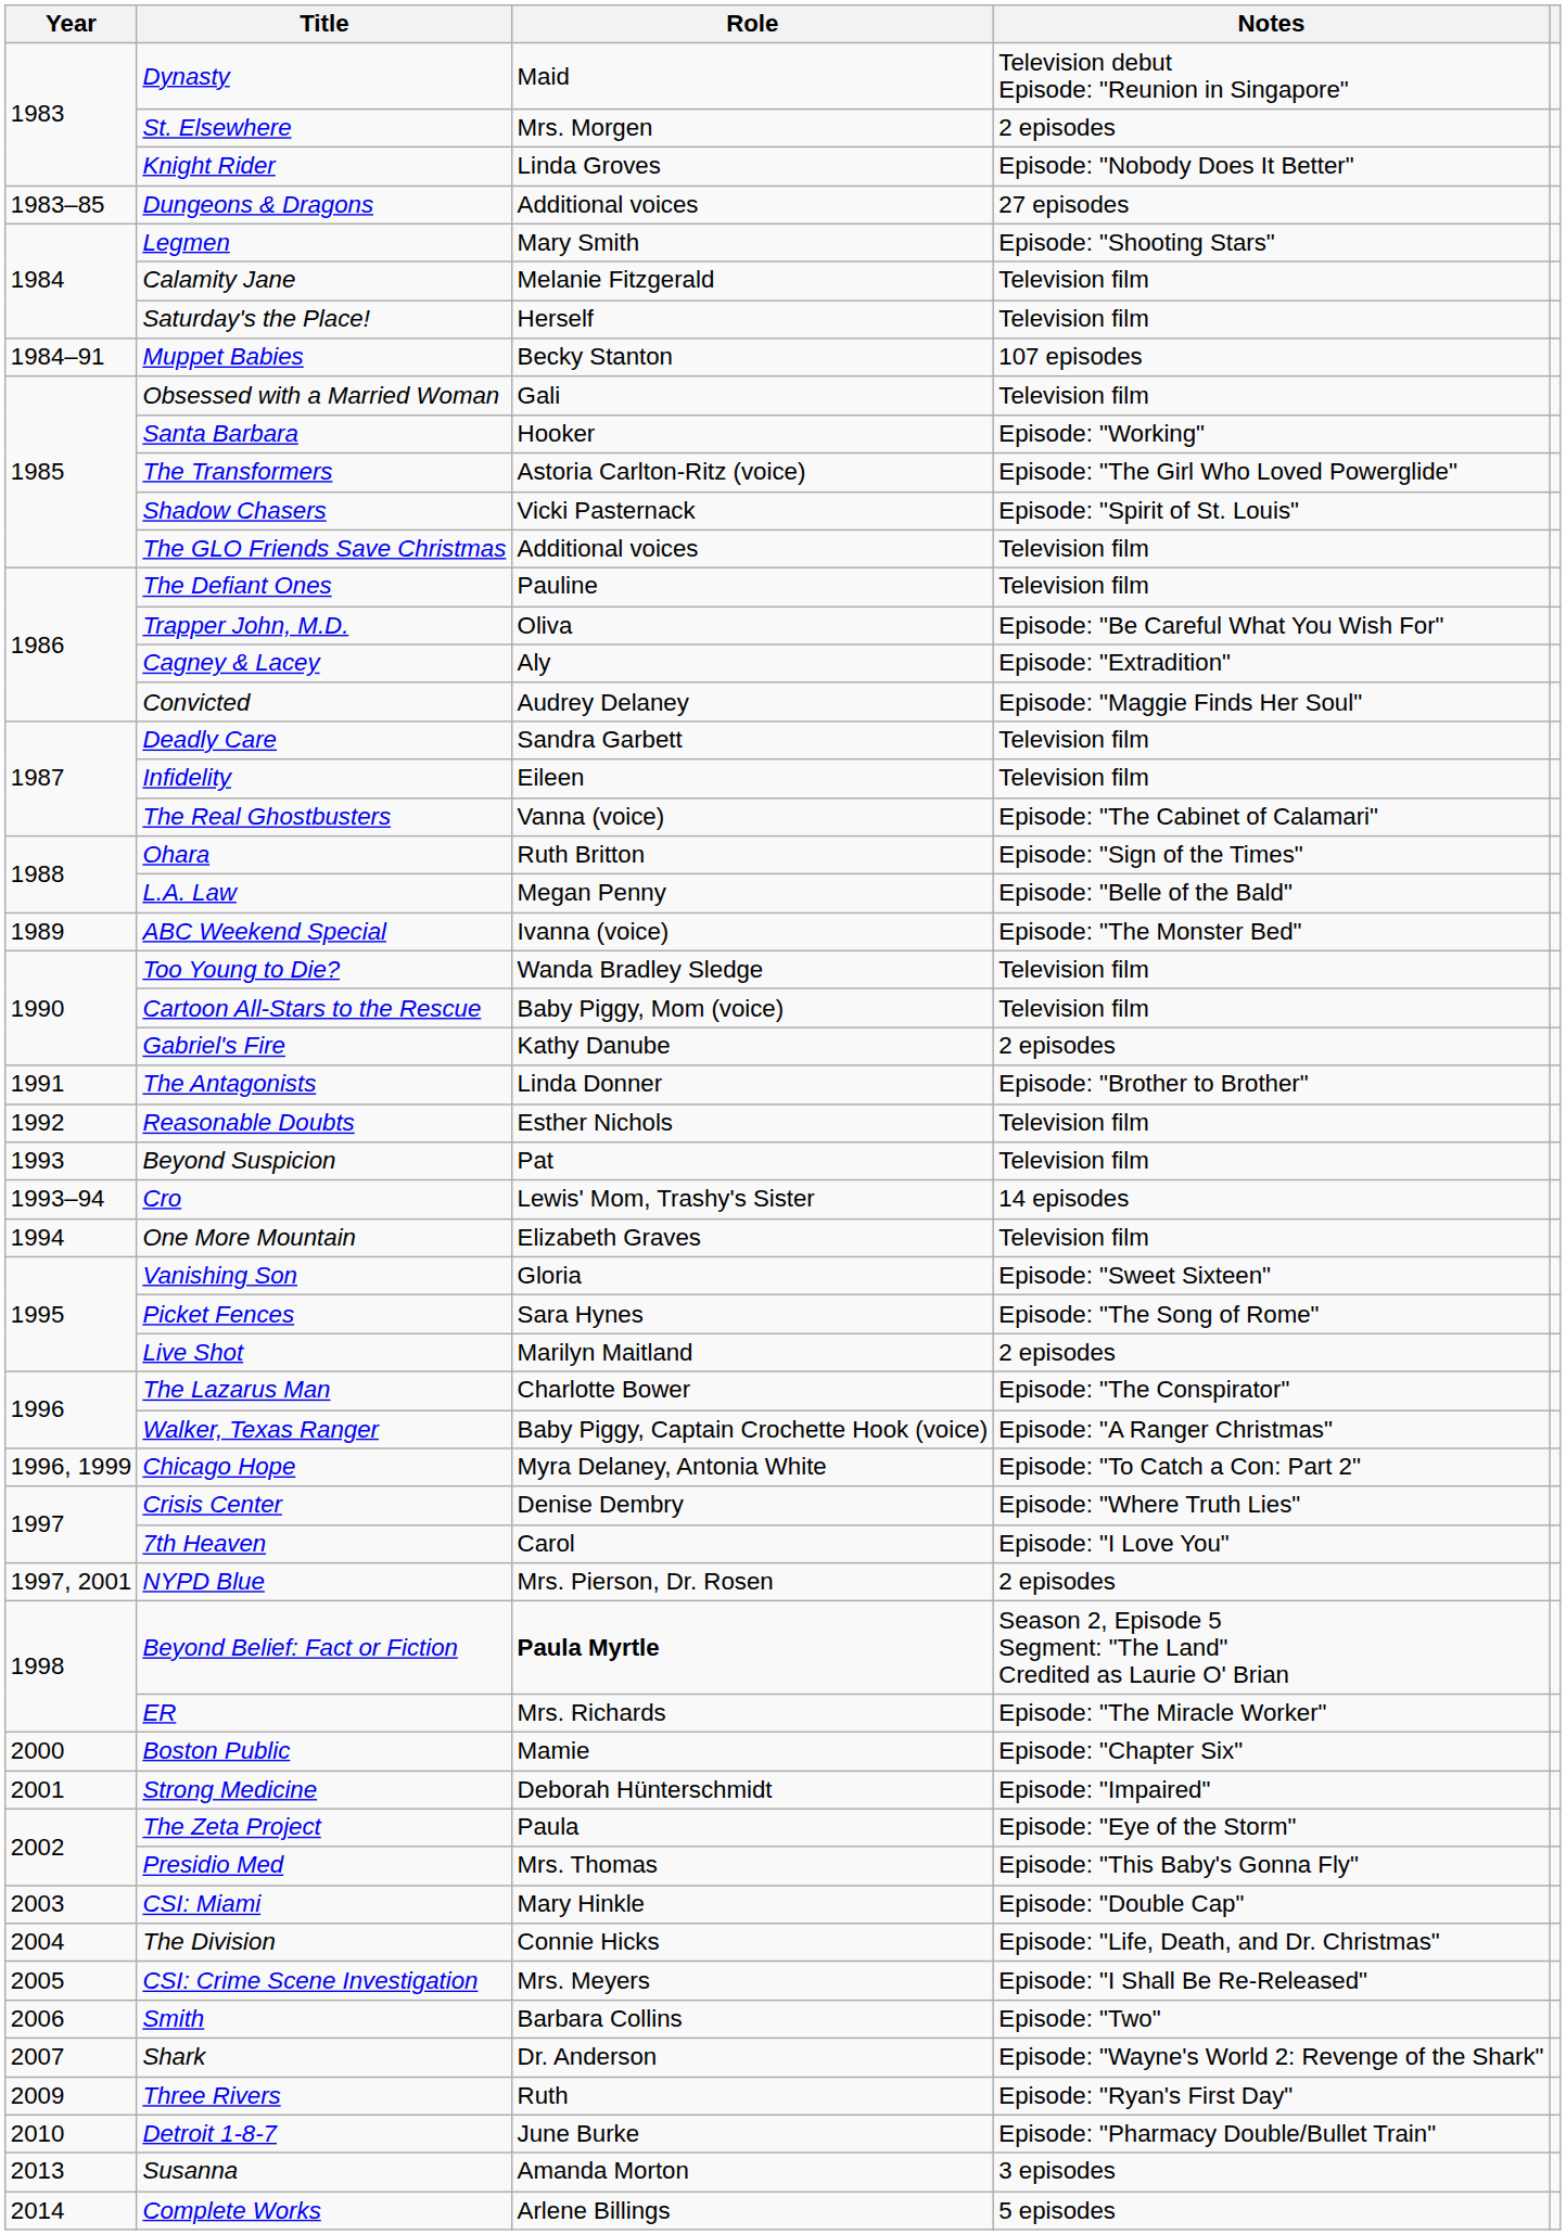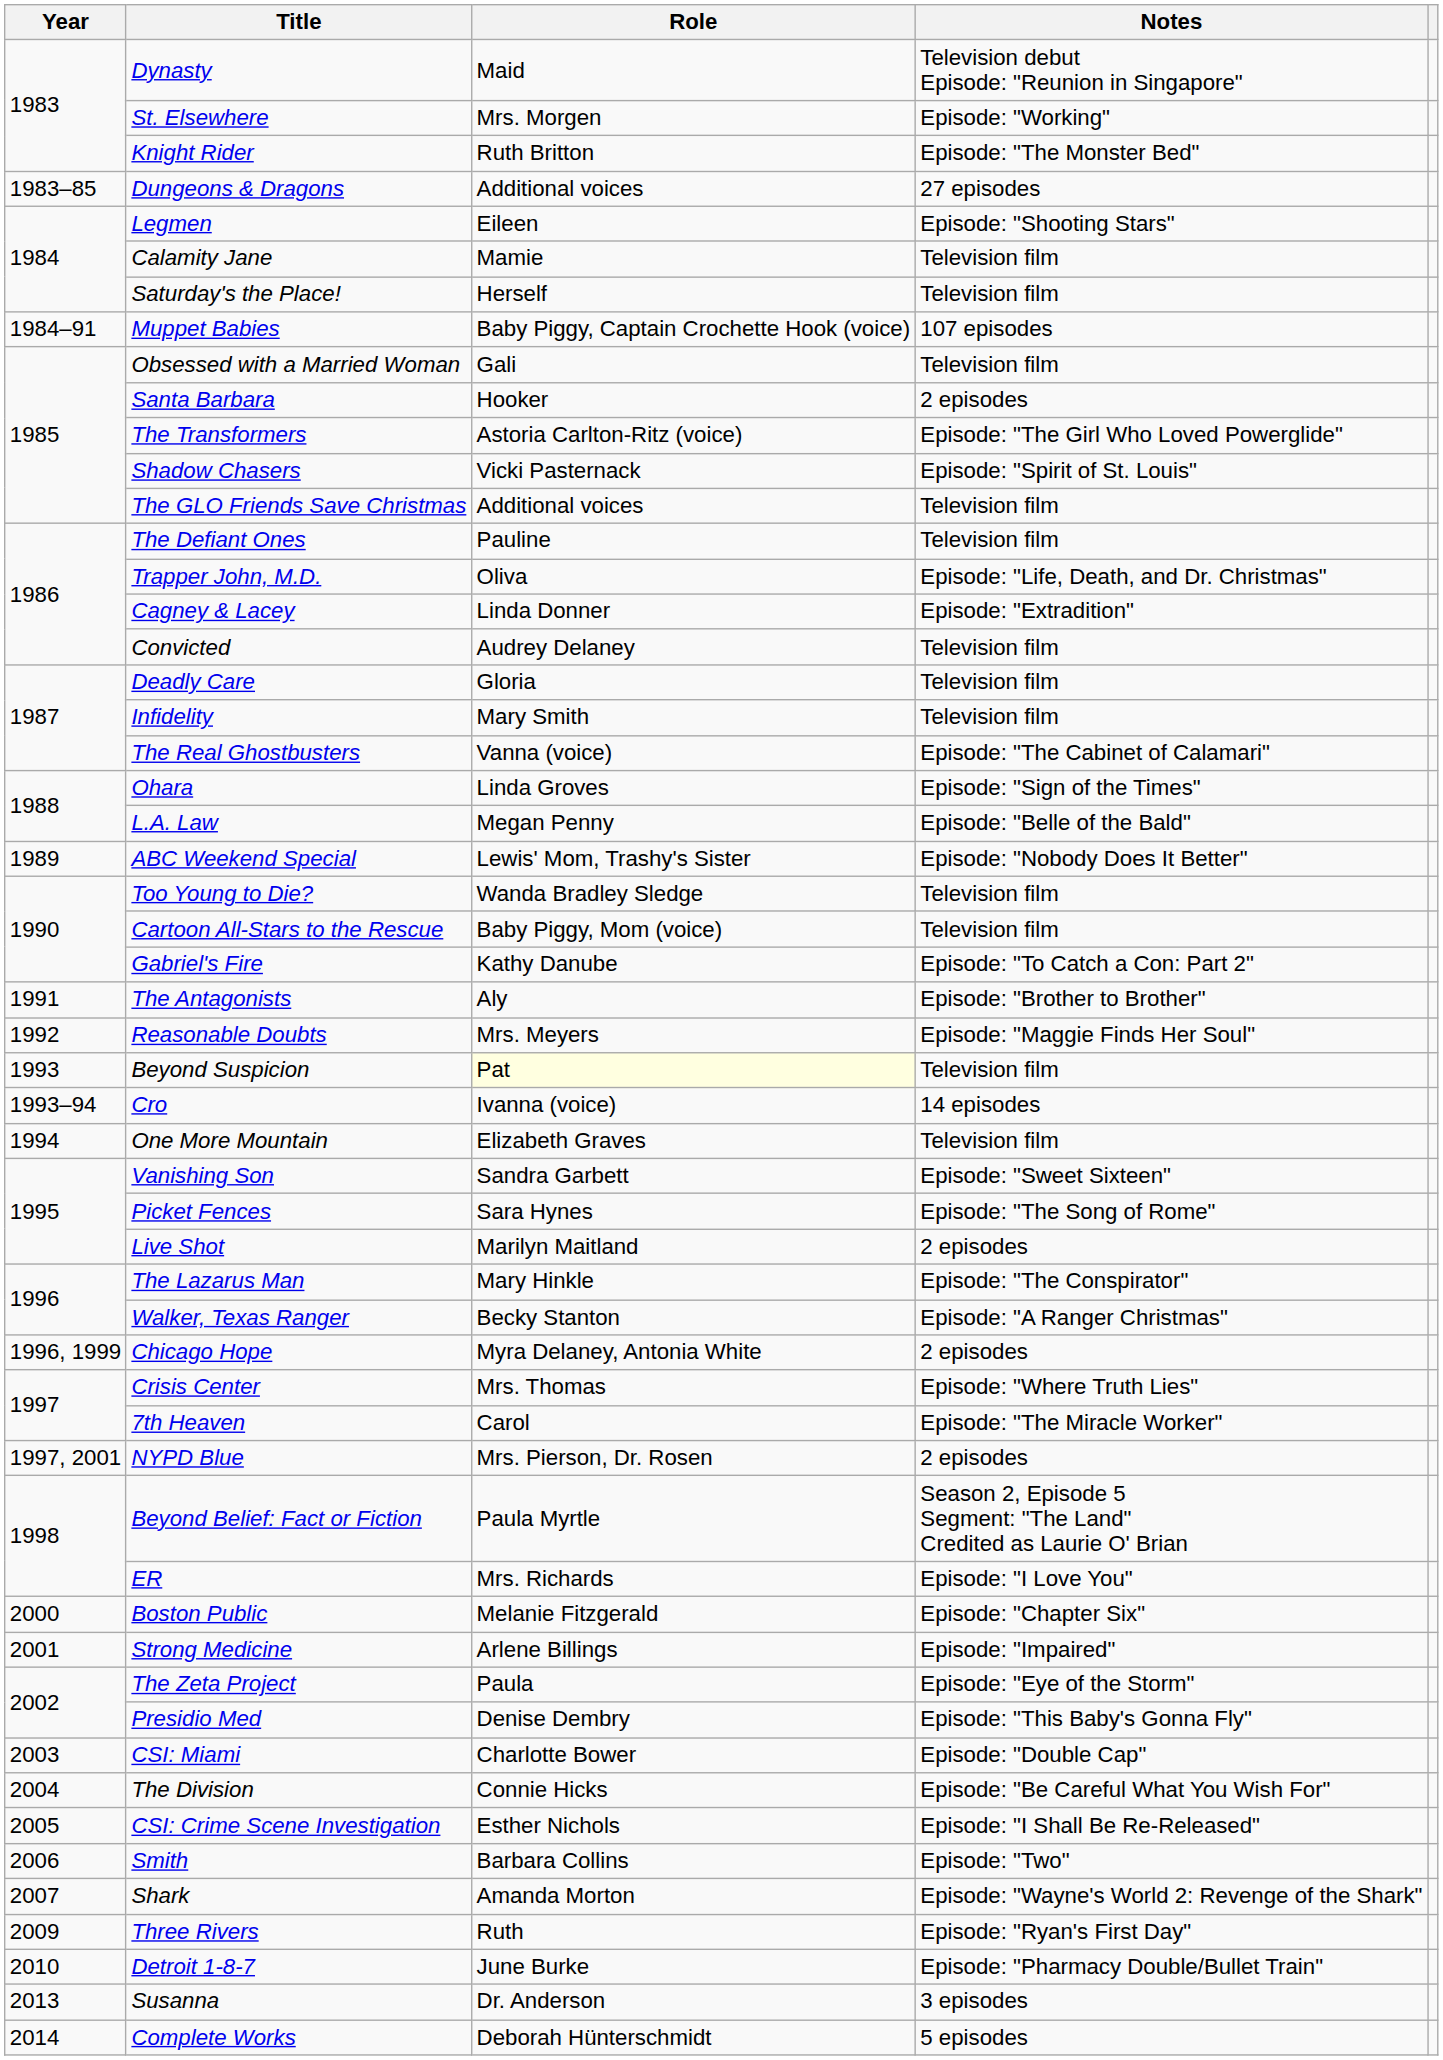 <table class="wikitable sortable">
 <tr>
 <th>Year</th>
 <th>Title</th>
 <th>Role</th>
 <th class="unsortable">Notes</th>
 <th></th>
 </tr>
 <tr>
 <td rowspan="3">1983</td>
 <td><em><a href='#'>Dynasty</a></em></td>
 <td>Maid</td>
 <td>Television debut<br>Episode: "Reunion in Singapore"</td>
 <td></td>
 </tr>
 <tr>
 <td><em><a href='#'>St. Elsewhere</a></em></td>
 <td>Mrs. Morgen</td>
-<td>2 episodes</td>
+<td>Episode: "Working"</td>
 <td></td>
 </tr>
 <tr>
 <td><a href='#'><em>Knight Rider</em></a></td>
-<td>Linda Groves</td>
-<td>Episode: "Nobody Does It Better"</td>
+<td>Ruth Britton</td>
+<td>Episode: "The Monster Bed"</td>
 <td></td>
 </tr>
 <tr>
 <td>1983–85</td>
 <td><a href='#'><em>Dungeons & Dragons</em></a></td>
 <td>Additional voices</td>
 <td>27 episodes</td>
 <td></td>
 </tr>
 <tr>
 <td rowspan="3">1984</td>
 <td><em><a href='#'>Legmen</a></em></td>
-<td>Mary Smith</td>
+<td>Eileen</td>
 <td>Episode: "Shooting Stars"</td>
 <td></td>
 </tr>
 <tr>
 <td><em>Calamity Jane</em></td>
-<td>Melanie Fitzgerald</td>
+<td>Mamie</td>
 <td>Television film</td>
 <td></td>
 </tr>
 <tr>
 <td><em>Saturday's the Place!</em></td>
 <td>Herself</td>
 <td>Television film</td>
 <td></td>
 </tr>
 <tr>
 <td>1984–91</td>
 <td><em><a href='#'>Muppet Babies</a></em></td>
-<td>Becky Stanton</td>
+<td>Baby Piggy, Captain Crochette Hook (voice)</td>
 <td>107 episodes</td>
 <td></td>
 </tr>
 <tr>
 <td rowspan="5">1985</td>
 <td><em>Obsessed with a Married Woman</em></td>
 <td>Gali</td>
 <td>Television film</td>
 <td></td>
 </tr>
 <tr>
 <td><em><a href='#'>Santa Barbara</a></em></td>
 <td>Hooker</td>
-<td>Episode: "Working"</td>
+<td>2 episodes</td>
 <td></td>
 </tr>
 <tr>
 <td><em><a href='#'>The Transformers</a></em></td>
 <td>Astoria Carlton-Ritz (voice)</td>
 <td>Episode: "The Girl Who Loved Powerglide"</td>
 <td></td>
 </tr>
 <tr>
 <td><em><a href='#'>Shadow Chasers</a></em></td>
 <td>Vicki Pasternack</td>
 <td>Episode: "Spirit of St. Louis"</td>
 <td></td>
 </tr>
 <tr>
 <td><em><a href='#'>The GLO Friends Save Christmas</a></em></td>
 <td>Additional voices</td>
 <td>Television film</td>
 <td></td>
 </tr>
 <tr>
 <td rowspan="4">1986</td>
 <td><em><a href='#'>The Defiant Ones</a></em></td>
 <td>Pauline</td>
 <td>Television film</td>
 <td></td>
 </tr>
 <tr>
 <td><em><a href='#'>Trapper John, M.D.</a></em></td>
 <td>Oliva</td>
-<td>Episode: "Be Careful What You Wish For"</td>
+<td>Episode: "Life, Death, and Dr. Christmas"</td>
 <td></td>
 </tr>
 <tr>
 <td><em><a href='#'>Cagney & Lacey</a></em></td>
-<td>Aly</td>
+<td>Linda Donner</td>
 <td>Episode: "Extradition"</td>
 <td></td>
 </tr>
 <tr>
 <td><em>Convicted</em></td>
 <td>Audrey Delaney</td>
-<td>Episode: "Maggie Finds Her Soul"</td>
+<td>Television film</td>
 <td></td>
 </tr>
 <tr>
 <td rowspan="3">1987</td>
 <td><em><a href='#'>Deadly Care</a></em></td>
-<td>Sandra Garbett</td>
+<td>Gloria</td>
 <td>Television film</td>
 <td></td>
 </tr>
 <tr>
 <td><em><a href='#'>Infidelity</a></em></td>
-<td>Eileen</td>
+<td>Mary Smith</td>
 <td>Television film</td>
 <td></td>
 </tr>
 <tr>
 <td><em><a href='#'>The Real Ghostbusters</a></em></td>
 <td>Vanna (voice)</td>
 <td>Episode: "The Cabinet of Calamari"</td>
 <td></td>
 </tr>
 <tr>
 <td rowspan="2">1988</td>
 <td><a href='#'><em>Ohara</em></a></td>
-<td>Ruth Britton</td>
+<td>Linda Groves</td>
 <td>Episode: "Sign of the Times"</td>
 <td></td>
 </tr>
 <tr>
 <td><em><a href='#'>L.A. Law</a></em></td>
 <td>Megan Penny</td>
 <td>Episode: "Belle of the Bald"</td>
 <td></td>
 </tr>
 <tr>
 <td>1989</td>
 <td><em><a href='#'>ABC Weekend Special</a></em></td>
-<td>Ivanna (voice)</td>
-<td>Episode: "The Monster Bed"</td>
+<td>Lewis' Mom, Trashy's Sister</td>
+<td>Episode: "Nobody Does It Better"</td>
 <td></td>
 </tr>
 <tr>
 <td rowspan="3">1990</td>
 <td><em><a href='#'>Too Young to Die?</a></em></td>
 <td>Wanda Bradley Sledge</td>
 <td>Television film</td>
 <td></td>
 </tr>
 <tr>
 <td><em><a href='#'>Cartoon All-Stars to the Rescue</a></em></td>
 <td>Baby Piggy, Mom (voice)</td>
 <td>Television film</td>
 <td></td>
 </tr>
 <tr>
 <td><em><a href='#'>Gabriel's Fire</a></em></td>
 <td>Kathy Danube</td>
-<td>2 episodes</td>
+<td>Episode: "To Catch a Con: Part 2"</td>
 <td></td>
 </tr>
 <tr>
 <td>1991</td>
 <td><em><a href='#'>The Antagonists</a></em></td>
-<td>Linda Donner</td>
+<td>Aly</td>
 <td>Episode: "Brother to Brother"</td>
 <td></td>
 </tr>
 <tr>
 <td>1992</td>
 <td><em><a href='#'>Reasonable Doubts</a></em></td>
-<td>Esther Nichols</td>
-<td>Television film</td>
+<td>Mrs. Meyers</td>
+<td>Episode: "Maggie Finds Her Soul"</td>
 <td></td>
 </tr>
 <tr>
 <td>1993</td>
 <td><em>Beyond Suspicion</em></td>
-<td>Pat</td>
+<td style="background: lightyellow;">Pat</td>
 <td>Television film</td>
 <td></td>
 </tr>
 <tr>
 <td>1993–94</td>
 <td><em><a href='#'>Cro</a></em></td>
-<td>Lewis' Mom, Trashy's Sister</td>
+<td>Ivanna (voice)</td>
 <td>14 episodes</td>
 <td></td>
 </tr>
 <tr>
 <td>1994</td>
 <td><em>One More Mountain</em></td>
 <td>Elizabeth Graves</td>
 <td>Television film</td>
 <td></td>
 </tr>
 <tr>
 <td rowspan="3">1995</td>
 <td><em><a href='#'>Vanishing Son</a></em></td>
-<td>Gloria</td>
+<td>Sandra Garbett</td>
 <td>Episode: "Sweet Sixteen"</td>
 <td></td>
 </tr>
 <tr>
 <td><em><a href='#'>Picket Fences</a></em></td>
 <td>Sara Hynes</td>
 <td>Episode: "The Song of Rome"</td>
 <td></td>
 </tr>
 <tr>
 <td><em><a href='#'>Live Shot</a></em></td>
 <td>Marilyn Maitland</td>
 <td>2 episodes</td>
 <td></td>
 </tr>
 <tr>
 <td rowspan="2">1996</td>
 <td><em><a href='#'>The Lazarus Man</a></em></td>
-<td>Charlotte Bower</td>
+<td>Mary Hinkle</td>
 <td>Episode: "The Conspirator"</td>
 <td></td>
 </tr>
 <tr>
 <td><em><a href='#'>Walker, Texas Ranger</a></em></td>
-<td>Baby Piggy, Captain Crochette Hook (voice)</td>
+<td>Becky Stanton</td>
 <td>Episode: "A Ranger Christmas"</td>
 <td></td>
 </tr>
 <tr>
 <td>1996, 1999</td>
 <td><em><a href='#'>Chicago Hope</a></em></td>
 <td>Myra Delaney, Antonia White</td>
-<td>Episode: "To Catch a Con: Part 2"</td>
+<td>2 episodes</td>
 <td></td>
 </tr>
 <tr>
 <td rowspan="2">1997</td>
 <td><em><a href='#'>Crisis Center</a></em></td>
-<td>Denise Dembry</td>
+<td>Mrs. Thomas</td>
 <td>Episode: "Where Truth Lies"</td>
 <td></td>
 </tr>
 <tr>
 <td><em><a href='#'>7th Heaven</a></em></td>
 <td>Carol</td>
-<td>Episode: "I Love You"</td>
+<td>Episode: "The Miracle Worker"</td>
 <td></td>
 </tr>
 <tr>
 <td>1997, 2001</td>
 <td><em><a href='#'>NYPD Blue</a></em></td>
 <td>Mrs. Pierson, Dr. Rosen</td>
 <td>2 episodes</td>
 <td></td>
 </tr>
 <tr>
 <td rowspan="2">1998</td>
 <td><em><a href='#'>Beyond Belief: Fact or Fiction</a></em></td>
-<td><strong>Paula Myrtle</strong></td>
+<td>Paula Myrtle</td>
 <td>Season 2, Episode 5<br>Segment: "The Land"<br>Credited as Laurie O' Brian</td>
 <td></td>
 </tr>
 <tr>
 <td><em><a href='#'>ER</a></em></td>
 <td>Mrs. Richards</td>
-<td>Episode: "The Miracle Worker"</td>
+<td>Episode: "I Love You"</td>
 <td></td>
 </tr>
 <tr>
 <td>2000</td>
 <td><em><a href='#'>Boston Public</a></em></td>
-<td>Mamie</td>
+<td>Melanie Fitzgerald</td>
 <td>Episode: "Chapter Six"</td>
 <td></td>
 </tr>
 <tr>
 <td>2001</td>
 <td><em><a href='#'>Strong Medicine</a></em></td>
-<td>Deborah Hünterschmidt</td>
+<td>Arlene Billings</td>
 <td>Episode: "Impaired"</td>
 <td></td>
 </tr>
 <tr>
 <td rowspan="2">2002</td>
 <td><em><a href='#'>The Zeta Project</a></em></td>
 <td>Paula</td>
 <td>Episode: "Eye of the Storm"</td>
 <td></td>
 </tr>
 <tr>
 <td><em><a href='#'>Presidio Med</a></em></td>
-<td>Mrs. Thomas</td>
+<td>Denise Dembry</td>
 <td>Episode: "This Baby's Gonna Fly"</td>
 <td></td>
 </tr>
 <tr>
 <td>2003</td>
 <td><em><a href='#'>CSI: Miami</a></em></td>
-<td>Mary Hinkle</td>
+<td>Charlotte Bower</td>
 <td>Episode: "Double Cap"</td>
 <td></td>
 </tr>
 <tr>
 <td>2004</td>
 <td><em>The Division</em></td>
 <td>Connie Hicks</td>
-<td>Episode: "Life, Death, and Dr. Christmas"</td>
+<td>Episode: "Be Careful What You Wish For"</td>
 <td></td>
 </tr>
 <tr>
 <td>2005</td>
 <td><em><a href='#'>CSI: Crime Scene Investigation</a></em></td>
-<td>Mrs. Meyers</td>
+<td>Esther Nichols</td>
 <td>Episode: "I Shall Be Re-Released"</td>
 <td></td>
 </tr>
 <tr>
 <td>2006</td>
 <td><em><a href='#'>Smith</a></em></td>
 <td>Barbara Collins</td>
 <td>Episode: "Two"</td>
 <td></td>
 </tr>
 <tr>
 <td>2007</td>
 <td><em>Shark</em></td>
-<td>Dr. Anderson</td>
+<td>Amanda Morton</td>
 <td>Episode: "Wayne's World 2: Revenge of the Shark"</td>
 <td></td>
 </tr>
 <tr>
 <td>2009</td>
 <td><a href='#'><em>Three Rivers</em></a></td>
 <td>Ruth</td>
 <td>Episode: "Ryan's First Day"</td>
 <td></td>
 </tr>
 <tr>
 <td>2010</td>
 <td><em><a href='#'>Detroit 1-8-7</a></em></td>
 <td>June Burke</td>
 <td>Episode: "Pharmacy Double/Bullet Train"</td>
 <td></td>
 </tr>
 <tr>
 <td>2013</td>
 <td><em>Susanna</em></td>
-<td>Amanda Morton</td>
+<td>Dr. Anderson</td>
 <td>3 episodes</td>
 <td></td>
 </tr>
 <tr>
 <td>2014</td>
 <td><em><a href='#'>Complete Works</a></em></td>
-<td>Arlene Billings</td>
+<td>Deborah Hünterschmidt</td>
 <td>5 episodes</td>
 </tr>
 </table>
